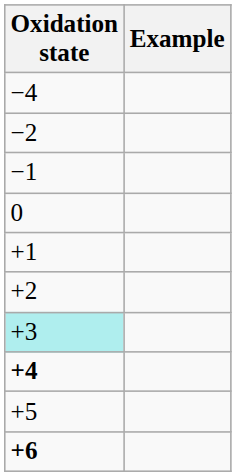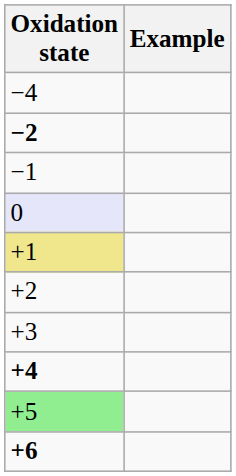 <table class="wikitable" style="float:left; margin-right: 1em;">
 <tr>
 <th>Oxidation <br>state</th>
 <th>Example</th>
 </tr>
 <tr>
 <td>−4</td>
 <td></td>
 </tr>
 <tr>
-<td>−2</td>
+<td><strong>−2</strong></td>
 <td></td>
 </tr>
 <tr>
 <td>−1</td>
 <td></td>
 </tr>
 <tr>
-<td>0</td>
+<td style="background: lavender;">0</td>
 <td><a href='#'></a></td>
 </tr>
 <tr>
-<td>+1</td>
+<td style="background: khaki;">+1</td>
 <td><a href='#'></a></td>
 </tr>
 <tr>
 <td>+2</td>
 <td><a href='#'></a></td>
 </tr>
 <tr>
-<td style="background: paleturquoise;">+3</td>
+<td>+3</td>
 <td><a href='#'></a></td>
 </tr>
 <tr>
 <td><strong>+4</strong></td>
 <td><a href='#'></a></td>
 </tr>
 <tr>
-<td>+5</td>
+<td style="background: lightgreen;">+5</td>
 <td><a href='#'></a></td>
 </tr>
 <tr>
 <td><strong>+6</strong></td>
 <td><a href='#'></a></td>
 </tr>
 </table>
